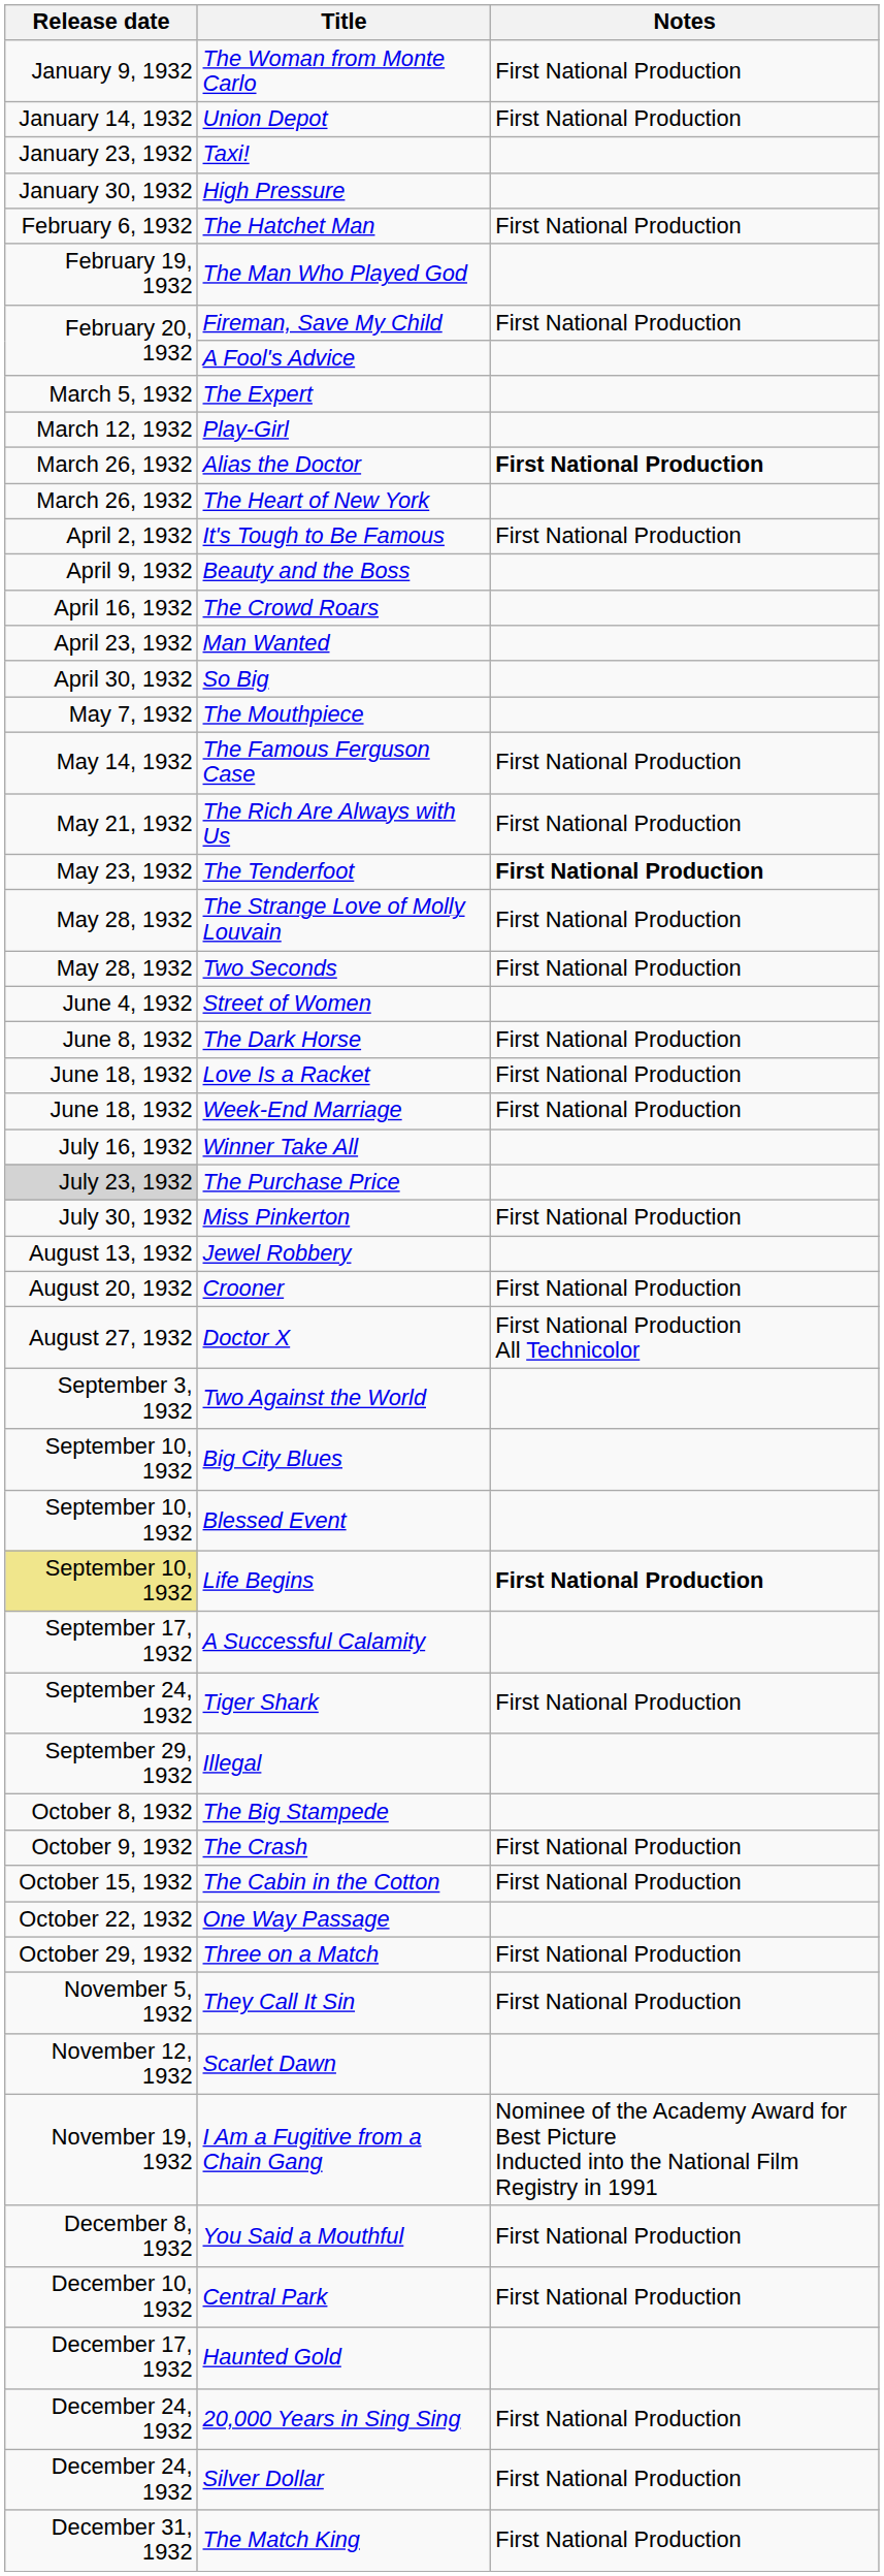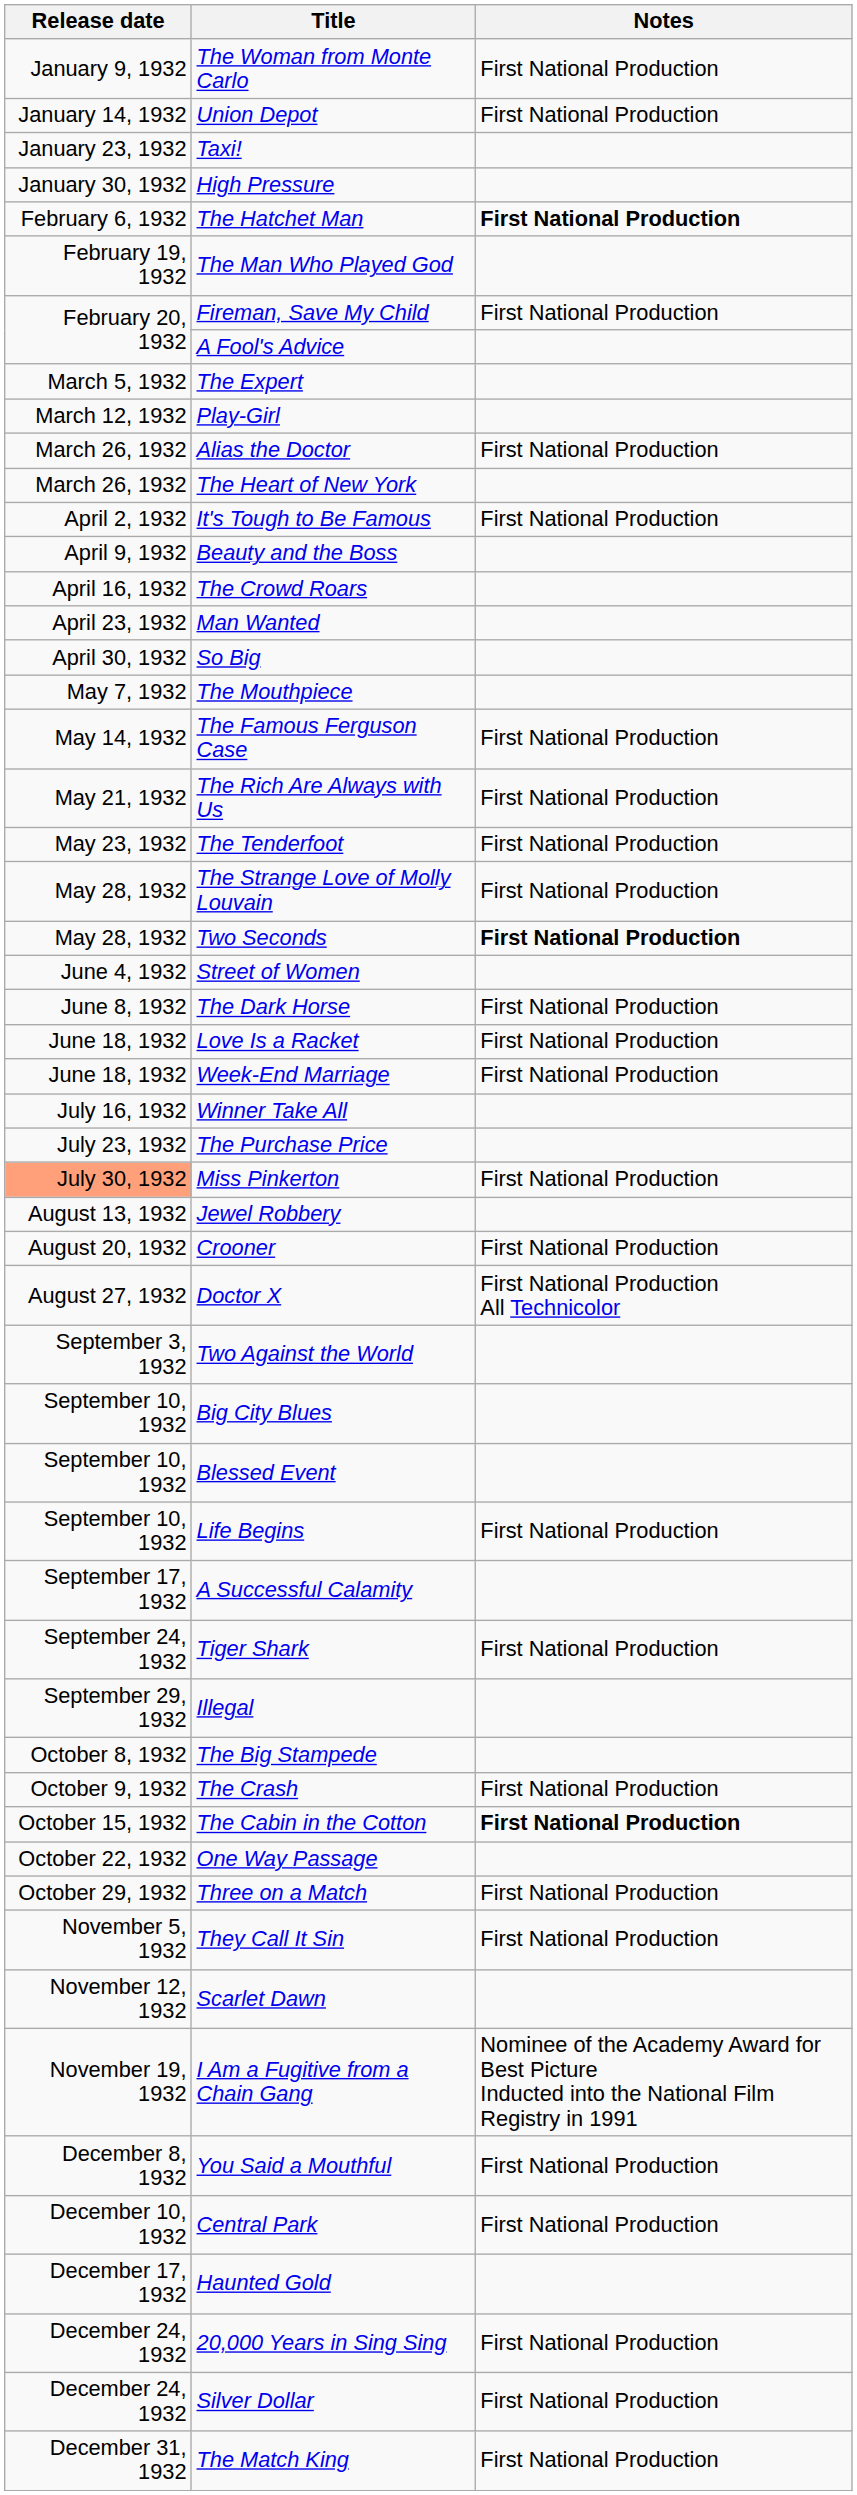 <table class="wikitable sortable" style="width:100%;">
 <tr>
 <th scope="col" style="width:130px;">Release date</th>
 <th>Title</th>
 <th>Notes</th>
 </tr>
 <tr>
 <td style="text-align:right;">January 9, 1932</td>
 <td><em><a href='#'>The Woman from Monte Carlo</a></em></td>
 <td>First National Production</td>
 </tr>
 <tr>
 <td style="text-align:right;">January 14, 1932</td>
 <td><em><a href='#'>Union Depot</a></em></td>
 <td>First National Production</td>
 </tr>
 <tr>
 <td style="text-align:right;">January 23, 1932</td>
 <td><em><a href='#'>Taxi!</a></em></td>
 <td></td>
 </tr>
 <tr>
 <td style="text-align:right;">January 30, 1932</td>
 <td><em><a href='#'>High Pressure</a></em></td>
 <td></td>
 </tr>
 <tr>
 <td style="text-align:right;">February 6, 1932</td>
 <td><em><a href='#'>The Hatchet Man</a></em></td>
-<td>First National Production</td>
+<td><strong>First National Production</strong></td>
 </tr>
 <tr>
 <td style="text-align:right;">February 19, 1932</td>
 <td><em><a href='#'>The Man Who Played God</a></em></td>
 <td></td>
 </tr>
 <tr>
 <td style="text-align:right;" rowspan="2">February 20, 1932</td>
 <td><em><a href='#'>Fireman, Save My Child</a></em></td>
 <td>First National Production</td>
 </tr>
 <tr>
 <td><em><a href='#'>A Fool's Advice</a></em></td>
 <td></td>
 </tr>
 <tr>
 <td style="text-align:right;">March 5, 1932</td>
 <td><em><a href='#'>The Expert</a></em></td>
 <td></td>
 </tr>
 <tr>
 <td style="text-align:right;">March 12, 1932</td>
 <td><em><a href='#'>Play-Girl</a></em></td>
 <td></td>
 </tr>
 <tr>
 <td style="text-align:right;">March 26, 1932</td>
 <td><em><a href='#'>Alias the Doctor</a></em></td>
-<td><strong>First National Production</strong></td>
+<td>First National Production</td>
 </tr>
 <tr>
 <td style="text-align:right;">March 26, 1932</td>
 <td><em><a href='#'>The Heart of New York</a></em></td>
 <td></td>
 </tr>
 <tr>
 <td style="text-align:right;">April 2, 1932</td>
 <td><em><a href='#'>It's Tough to Be Famous</a></em></td>
 <td>First National Production</td>
 </tr>
 <tr>
 <td style="text-align:right;">April 9, 1932</td>
 <td><em><a href='#'>Beauty and the Boss</a></em></td>
 <td></td>
 </tr>
 <tr>
 <td style="text-align:right;">April 16, 1932</td>
 <td><em><a href='#'>The Crowd Roars</a></em></td>
 <td></td>
 </tr>
 <tr>
 <td style="text-align:right;">April 23, 1932</td>
 <td><em><a href='#'>Man Wanted</a></em></td>
 <td></td>
 </tr>
 <tr>
 <td style="text-align:right;">April 30, 1932</td>
 <td><em><a href='#'>So Big</a></em></td>
 <td></td>
 </tr>
 <tr>
 <td style="text-align:right;">May 7, 1932</td>
 <td><em><a href='#'>The Mouthpiece</a></em></td>
 <td></td>
 </tr>
 <tr>
 <td style="text-align:right;">May 14, 1932</td>
 <td><em><a href='#'>The Famous Ferguson Case</a></em></td>
 <td>First National Production</td>
 </tr>
 <tr>
 <td style="text-align:right;">May 21, 1932</td>
 <td><em><a href='#'>The Rich Are Always with Us</a></em></td>
 <td>First National Production</td>
 </tr>
 <tr>
 <td style="text-align:right;">May 23, 1932</td>
 <td><em><a href='#'>The Tenderfoot</a></em></td>
-<td><strong>First National Production</strong></td>
+<td>First National Production</td>
 </tr>
 <tr>
 <td style="text-align:right;">May 28, 1932</td>
 <td><em><a href='#'>The Strange Love of Molly Louvain</a></em></td>
 <td>First National Production</td>
 </tr>
 <tr>
 <td style="text-align:right;">May 28, 1932</td>
 <td><em><a href='#'>Two Seconds</a></em></td>
-<td>First National Production</td>
+<td><strong>First National Production</strong></td>
 </tr>
 <tr>
 <td style="text-align:right;">June 4, 1932</td>
 <td><em><a href='#'>Street of Women</a></em></td>
 <td></td>
 </tr>
 <tr>
 <td style="text-align:right;">June 8, 1932</td>
 <td><em><a href='#'>The Dark Horse</a></em></td>
 <td>First National Production</td>
 </tr>
 <tr>
 <td style="text-align:right;">June 18, 1932</td>
 <td><em><a href='#'>Love Is a Racket</a></em></td>
 <td>First National Production</td>
 </tr>
 <tr>
 <td style="text-align:right;">June 18, 1932</td>
 <td><em><a href='#'>Week-End Marriage</a></em></td>
 <td>First National Production</td>
 </tr>
 <tr>
 <td style="text-align:right;">July 16, 1932</td>
 <td><em><a href='#'>Winner Take All</a></em></td>
 <td></td>
 </tr>
 <tr>
-<td style="background: lightgrey; text-align:right;">July 23, 1932</td>
+<td style="text-align:right;">July 23, 1932</td>
 <td><em><a href='#'>The Purchase Price</a></em></td>
 <td></td>
 </tr>
 <tr>
-<td style="text-align:right;">July 30, 1932</td>
+<td style="background: lightsalmon; text-align:right;">July 30, 1932</td>
 <td><em><a href='#'>Miss Pinkerton</a></em></td>
 <td>First National Production</td>
 </tr>
 <tr>
 <td style="text-align:right;">August 13, 1932</td>
 <td><em><a href='#'>Jewel Robbery</a></em></td>
 <td></td>
 </tr>
 <tr>
 <td style="text-align:right;">August 20, 1932</td>
 <td><em><a href='#'>Crooner</a></em></td>
 <td>First National Production</td>
 </tr>
 <tr>
 <td style="text-align:right;">August 27, 1932</td>
 <td><em><a href='#'>Doctor X</a></em></td>
 <td>First National Production<br>All <a href='#'>Technicolor</a></td>
 </tr>
 <tr>
 <td style="text-align:right;">September 3, 1932</td>
 <td><em><a href='#'>Two Against the World</a></em></td>
 <td></td>
 </tr>
 <tr>
 <td style="text-align:right;">September 10, 1932</td>
 <td><em><a href='#'>Big City Blues</a></em></td>
 <td></td>
 </tr>
 <tr>
 <td style="text-align:right;">September 10, 1932</td>
 <td><em><a href='#'>Blessed Event</a></em></td>
 <td></td>
 </tr>
 <tr>
-<td style="background: khaki; text-align:right;">September 10, 1932</td>
+<td style="text-align:right;">September 10, 1932</td>
 <td><em><a href='#'>Life Begins</a></em></td>
-<td><strong>First National Production</strong></td>
+<td>First National Production</td>
 </tr>
 <tr>
 <td style="text-align:right;">September 17, 1932</td>
 <td><em><a href='#'>A Successful Calamity</a></em></td>
 <td></td>
 </tr>
 <tr>
 <td style="text-align:right;">September 24, 1932</td>
 <td><em><a href='#'>Tiger Shark</a></em></td>
 <td>First National Production</td>
 </tr>
 <tr>
 <td style="text-align:right;">September 29, 1932</td>
 <td><em><a href='#'>Illegal</a></em></td>
 <td></td>
 </tr>
 <tr>
 <td style="text-align:right;">October 8, 1932</td>
 <td><em><a href='#'>The Big Stampede</a></em></td>
 <td></td>
 </tr>
 <tr>
 <td style="text-align:right;">October 9, 1932</td>
 <td><em><a href='#'>The Crash</a></em></td>
 <td>First National Production</td>
 </tr>
 <tr>
 <td style="text-align:right;">October 15, 1932</td>
 <td><em><a href='#'>The Cabin in the Cotton</a></em></td>
-<td>First National Production</td>
+<td><strong>First National Production</strong></td>
 </tr>
 <tr>
 <td style="text-align:right;">October 22, 1932</td>
 <td><em><a href='#'>One Way Passage</a></em></td>
 <td></td>
 </tr>
 <tr>
 <td style="text-align:right;">October 29, 1932</td>
 <td><em><a href='#'>Three on a Match</a></em></td>
 <td>First National Production</td>
 </tr>
 <tr>
 <td style="text-align:right;">November 5, 1932</td>
 <td><em><a href='#'>They Call It Sin</a></em></td>
 <td>First National Production</td>
 </tr>
 <tr>
 <td style="text-align:right;">November 12, 1932</td>
 <td><em><a href='#'>Scarlet Dawn</a></em></td>
 <td></td>
 </tr>
 <tr>
 <td style="text-align:right;">November 19, 1932</td>
 <td><em><a href='#'>I Am a Fugitive from a Chain Gang</a></em></td>
 <td>Nominee of the Academy Award for Best Picture<br>Inducted into the National Film Registry in 1991</td>
 </tr>
 <tr>
 <td style="text-align:right;">December 8, 1932</td>
 <td><em><a href='#'>You Said a Mouthful</a></em></td>
 <td>First National Production</td>
 </tr>
 <tr>
 <td style="text-align:right;">December 10, 1932</td>
 <td><em><a href='#'>Central Park</a></em></td>
 <td>First National Production</td>
 </tr>
 <tr>
 <td style="text-align:right;">December 17, 1932</td>
 <td><em><a href='#'>Haunted Gold</a></em></td>
 <td></td>
 </tr>
 <tr>
 <td style="text-align:right;">December 24, 1932</td>
 <td><em><a href='#'>20,000 Years in Sing Sing</a></em></td>
 <td>First National Production</td>
 </tr>
 <tr>
 <td style="text-align:right;">December 24, 1932</td>
 <td><em><a href='#'>Silver Dollar</a></em></td>
 <td>First National Production</td>
 </tr>
 <tr>
 <td style="text-align:right;">December 31, 1932</td>
 <td><em><a href='#'>The Match King</a></em></td>
 <td>First National Production</td>
 </tr>
 <tr>
 </tr>
 </table>
